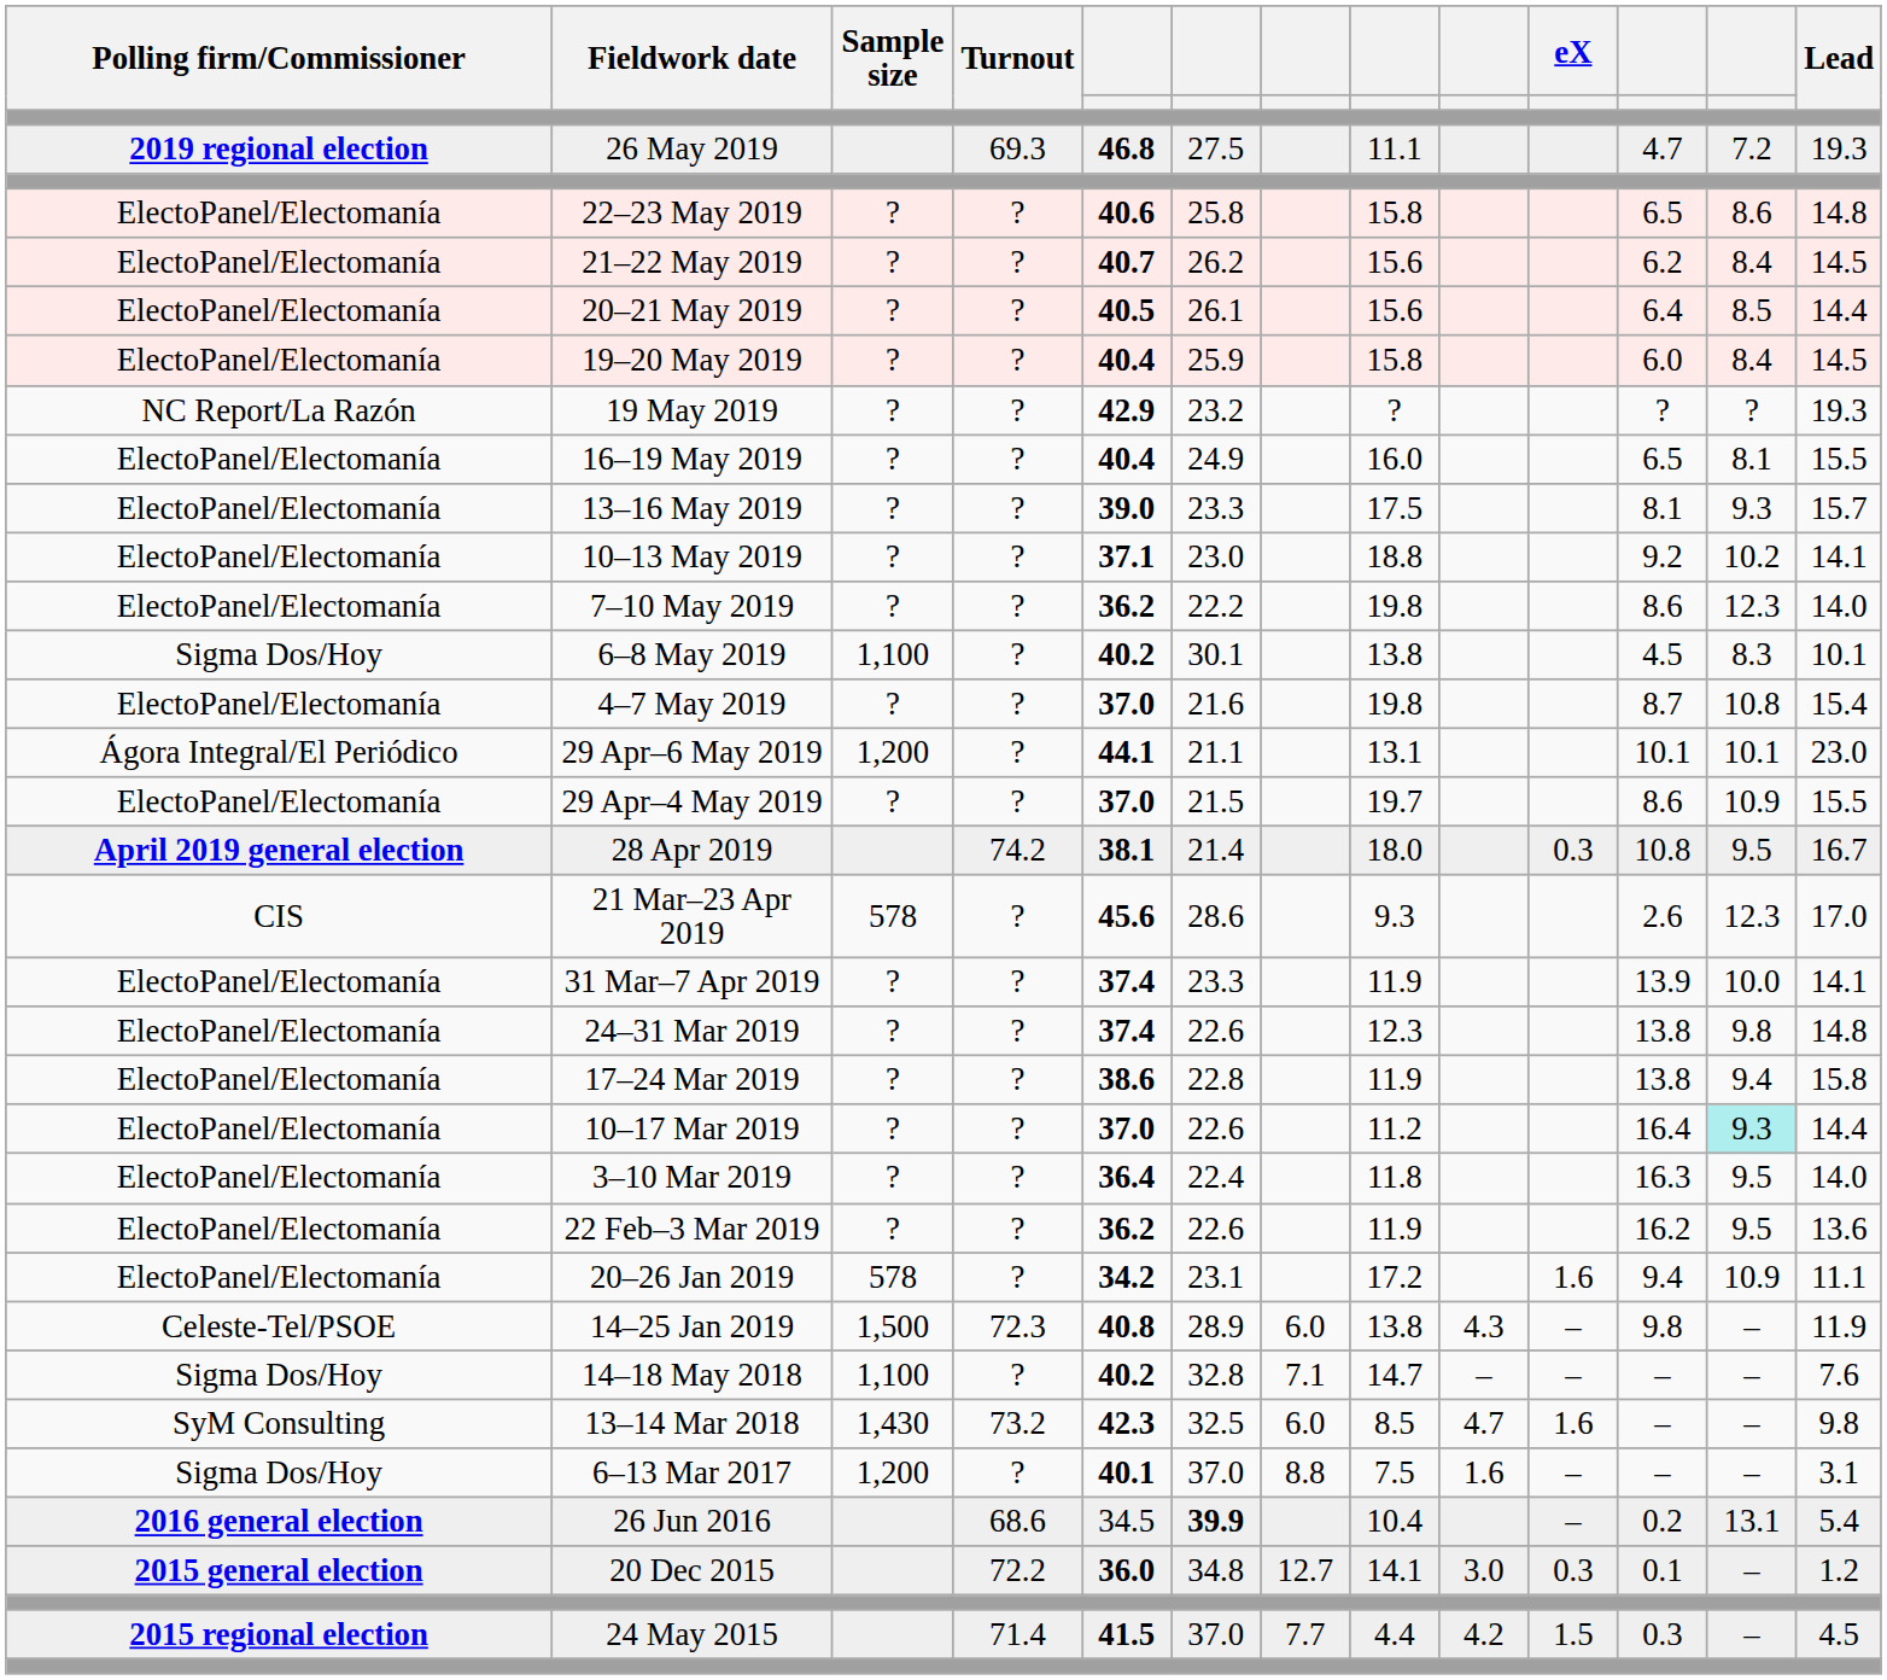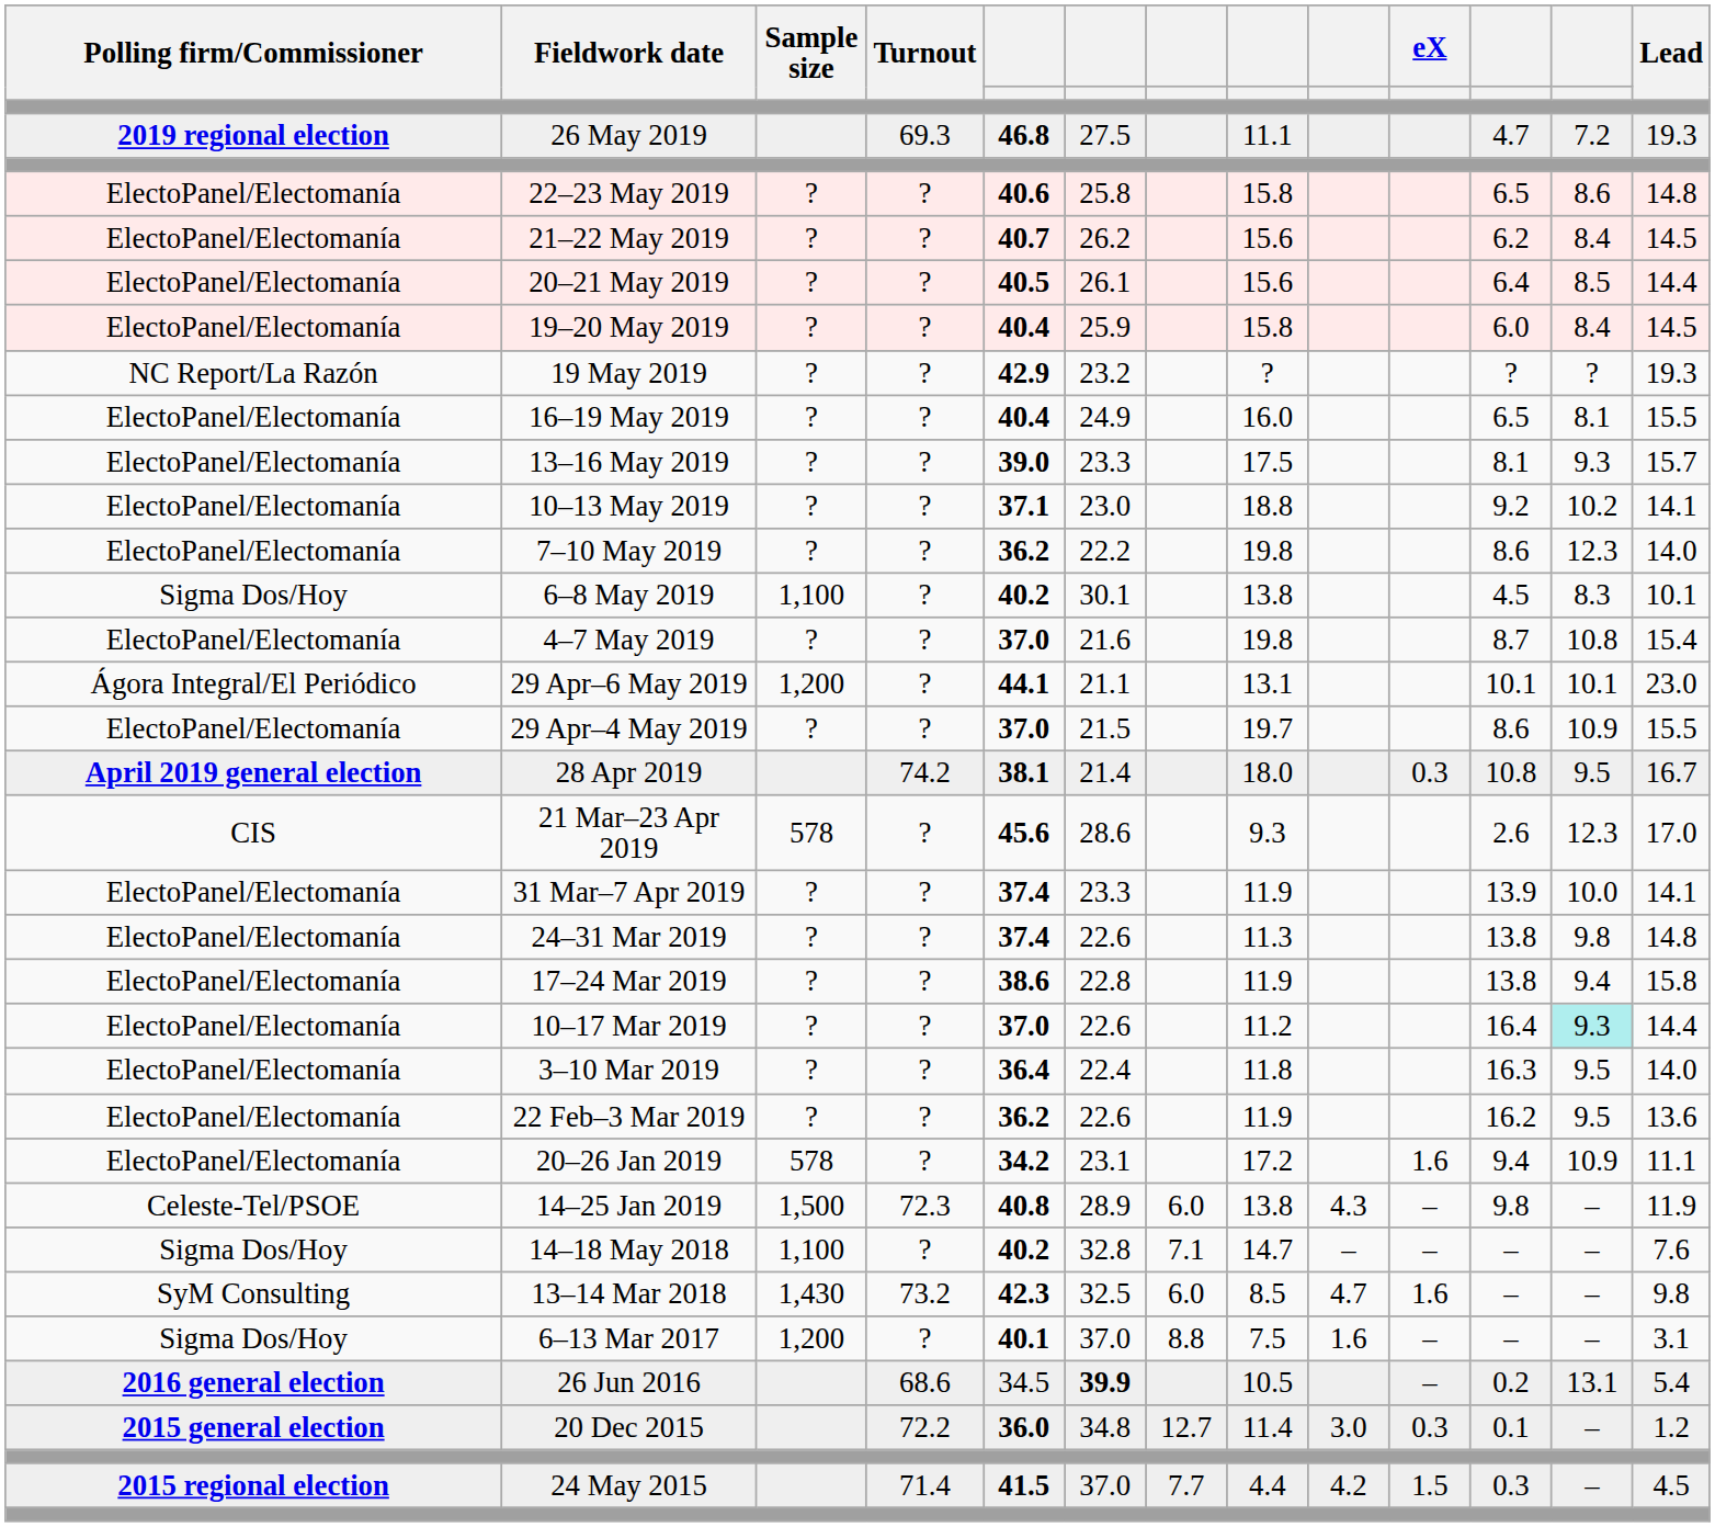 <table class="wikitable collapsible collapsed" style="text-align:center; font-size:95%; line-height:16px;">
 <tr style="height:42px;">
 <th style="width:250px;" rowspan="2">Polling firm/Commissioner</th>
 <th style="width:125px;" rowspan="2">Fieldwork date</th>
 <th style="width:50px;" rowspan="2">Sample size</th>
 <th style="width:45px;" rowspan="2">Turnout</th>
 <th style="width:35px;"></th>
 <th style="width:35px;"></th>
 <th style="width:35px;"></th>
 <th style="width:35px;"></th>
 <th style="width:35px;"></th>
 <th style="width:35px;"><a href='#'>eX</a></th>
 <th style="width:35px;"></th>
 <th style="width:35px;"></th>
 <th style="width:30px;" rowspan="2">Lead</th>
 </tr>
 <tr>
 <th style="color:inherit;background:"></th>
 <th style="color:inherit;background:"></th>
 <th style="color:inherit;background:"></th>
 <th style="color:inherit;background:"></th>
 <th style="color:inherit;background:"></th>
 <th style="color:inherit;background:"></th>
 <th style="color:inherit;background:"></th>
 <th style="color:inherit;background:"></th>
 </tr>
 <tr>
 <td colspan="13" style="background:#A0A0A0"></td>
 </tr>
 <tr style="background:#EFEFEF;">
 <td><strong><a href='#'>2019 regional election</a></strong></td>
 <td>26 May 2019</td>
 <td></td>
 <td>69.3</td>
 <td><strong>46.8</strong><br></td>
 <td>27.5<br></td>
 <td></td>
 <td>11.1<br></td>
 <td></td>
 <td></td>
 <td>4.7<br></td>
 <td>7.2<br></td>
 <td style="background:">19.3</td>
 </tr>
 <tr>
 <td colspan="13" style="background:#A0A0A0"></td>
 </tr>
 <tr style="background:#FFEAEA;">
 <td>ElectoPanel/Electomanía</td>
 <td>22–23 May 2019</td>
 <td>?</td>
 <td>?</td>
 <td><strong>40.6</strong><br></td>
 <td>25.8<br></td>
 <td></td>
 <td>15.8<br></td>
 <td></td>
 <td></td>
 <td>6.5<br></td>
 <td>8.6<br></td>
 <td style="background:">14.8</td>
 </tr>
 <tr style="background:#FFEAEA;">
 <td>ElectoPanel/Electomanía</td>
 <td>21–22 May 2019</td>
 <td>?</td>
 <td>?</td>
 <td><strong>40.7</strong><br></td>
 <td>26.2<br></td>
 <td></td>
 <td>15.6<br></td>
 <td></td>
 <td></td>
 <td>6.2<br></td>
 <td>8.4<br></td>
 <td style="background:">14.5</td>
 </tr>
 <tr style="background:#FFEAEA;">
 <td>ElectoPanel/Electomanía</td>
 <td>20–21 May 2019</td>
 <td>?</td>
 <td>?</td>
 <td><strong>40.5</strong><br></td>
 <td>26.1<br></td>
 <td></td>
 <td>15.6<br></td>
 <td></td>
 <td></td>
 <td>6.4<br></td>
 <td>8.5<br></td>
 <td style="background:">14.4</td>
 </tr>
 <tr style="background:#FFEAEA;">
 <td>ElectoPanel/Electomanía</td>
 <td>19–20 May 2019</td>
 <td>?</td>
 <td>?</td>
 <td><strong>40.4</strong><br></td>
 <td>25.9<br></td>
 <td></td>
 <td>15.8<br></td>
 <td></td>
 <td></td>
 <td>6.0<br></td>
 <td>8.4<br></td>
 <td style="background:">14.5</td>
 </tr>
 <tr>
 <td>NC Report/La Razón</td>
 <td>19 May 2019</td>
 <td>?</td>
 <td>?</td>
 <td><strong>42.9</strong><br></td>
 <td>23.2<br></td>
 <td></td>
 <td>?<br></td>
 <td></td>
 <td></td>
 <td>?<br></td>
 <td>?<br></td>
 <td style="background:">19.3</td>
 </tr>
 <tr>
 <td>ElectoPanel/Electomanía</td>
 <td>16–19 May 2019</td>
 <td>?</td>
 <td>?</td>
 <td><strong>40.4</strong><br></td>
 <td>24.9<br></td>
 <td></td>
 <td>16.0<br></td>
 <td></td>
 <td></td>
 <td>6.5<br></td>
 <td>8.1<br></td>
 <td style="background:">15.5</td>
 </tr>
 <tr>
 <td>ElectoPanel/Electomanía</td>
 <td>13–16 May 2019</td>
 <td>?</td>
 <td>?</td>
 <td><strong>39.0</strong><br></td>
 <td>23.3<br></td>
 <td></td>
 <td>17.5<br></td>
 <td></td>
 <td></td>
 <td>8.1<br></td>
 <td>9.3<br></td>
 <td style="background:">15.7</td>
 </tr>
 <tr>
 <td>ElectoPanel/Electomanía</td>
 <td>10–13 May 2019</td>
 <td>?</td>
 <td>?</td>
 <td><strong>37.1</strong><br></td>
 <td>23.0<br></td>
 <td></td>
 <td>18.8<br></td>
 <td></td>
 <td></td>
 <td>9.2<br></td>
 <td>10.2<br></td>
 <td style="background:">14.1</td>
 </tr>
 <tr>
 <td>ElectoPanel/Electomanía</td>
 <td>7–10 May 2019</td>
 <td>?</td>
 <td>?</td>
 <td><strong>36.2</strong><br></td>
 <td>22.2<br></td>
 <td></td>
 <td>19.8<br></td>
 <td></td>
 <td></td>
 <td>8.6<br></td>
 <td>12.3<br></td>
 <td style="background:">14.0</td>
 </tr>
 <tr>
 <td>Sigma Dos/Hoy</td>
 <td>6–8 May 2019</td>
 <td>1,100</td>
 <td>?</td>
 <td><strong>40.2</strong><br></td>
 <td>30.1<br></td>
 <td></td>
 <td>13.8<br></td>
 <td></td>
 <td></td>
 <td>4.5<br></td>
 <td>8.3<br></td>
 <td style="background:">10.1</td>
 </tr>
 <tr>
 <td>ElectoPanel/Electomanía</td>
 <td>4–7 May 2019</td>
 <td>?</td>
 <td>?</td>
 <td><strong>37.0</strong><br></td>
 <td>21.6<br></td>
 <td></td>
 <td>19.8<br></td>
 <td></td>
 <td></td>
 <td>8.7<br></td>
 <td>10.8<br></td>
 <td style="background:">15.4</td>
 </tr>
 <tr>
 <td>Ágora Integral/El Periódico</td>
 <td>29 Apr–6 May 2019</td>
 <td>1,200</td>
 <td>?</td>
 <td><strong>44.1</strong><br></td>
 <td>21.1<br></td>
 <td></td>
 <td>13.1<br></td>
 <td></td>
 <td></td>
 <td>10.1<br></td>
 <td>10.1<br></td>
 <td style="background:">23.0</td>
 </tr>
 <tr>
 <td>ElectoPanel/Electomanía</td>
 <td>29 Apr–4 May 2019</td>
 <td>?</td>
 <td>?</td>
 <td><strong>37.0</strong><br></td>
 <td>21.5<br></td>
 <td></td>
 <td>19.7<br></td>
 <td></td>
 <td></td>
 <td>8.6<br></td>
 <td>10.9<br></td>
 <td style="background:">15.5</td>
 </tr>
 <tr style="background:#EFEFEF;">
 <td><strong><a href='#'>April 2019 general election</a></strong></td>
 <td>28 Apr 2019</td>
 <td></td>
 <td>74.2</td>
 <td><strong>38.1</strong><br></td>
 <td>21.4<br></td>
 <td></td>
 <td>18.0<br></td>
 <td></td>
 <td>0.3<br></td>
 <td>10.8<br></td>
 <td>9.5<br></td>
 <td style="background:">16.7</td>
 </tr>
 <tr>
 <td>CIS</td>
 <td>21 Mar–23 Apr 2019</td>
 <td>578</td>
 <td>?</td>
 <td><strong>45.6</strong><br></td>
 <td>28.6<br></td>
 <td></td>
 <td>9.3<br></td>
 <td></td>
 <td></td>
 <td>2.6<br></td>
 <td>12.3<br></td>
 <td style="background:">17.0</td>
 </tr>
 <tr>
 <td>ElectoPanel/Electomanía</td>
 <td>31 Mar–7 Apr 2019</td>
 <td>?</td>
 <td>?</td>
 <td><strong>37.4</strong><br></td>
 <td>23.3<br></td>
 <td></td>
 <td>11.9<br></td>
 <td></td>
 <td></td>
 <td>13.9<br></td>
 <td>10.0<br></td>
 <td style="background:">14.1</td>
 </tr>
 <tr>
 <td>ElectoPanel/Electomanía</td>
 <td>24–31 Mar 2019</td>
 <td>?</td>
 <td>?</td>
 <td><strong>37.4</strong><br></td>
 <td>22.6<br></td>
 <td></td>
-<td>12.3<br></td>
+<td>11.3<br></td>
 <td></td>
 <td></td>
 <td>13.8<br></td>
 <td>9.8<br></td>
 <td style="background:">14.8</td>
 </tr>
 <tr>
 <td>ElectoPanel/Electomanía</td>
 <td>17–24 Mar 2019</td>
 <td>?</td>
 <td>?</td>
 <td><strong>38.6</strong><br></td>
 <td>22.8<br></td>
 <td></td>
 <td>11.9<br></td>
 <td></td>
 <td></td>
 <td>13.8<br></td>
 <td>9.4<br></td>
 <td style="background:">15.8</td>
 </tr>
 <tr>
 <td>ElectoPanel/Electomanía</td>
 <td>10–17 Mar 2019</td>
 <td>?</td>
 <td>?</td>
 <td><strong>37.0</strong><br></td>
 <td>22.6<br></td>
 <td></td>
 <td>11.2<br></td>
 <td></td>
 <td></td>
 <td>16.4<br></td>
 <td style="background: paleturquoise;">9.3<br></td>
 <td style="background:">14.4</td>
 </tr>
 <tr>
 <td>ElectoPanel/Electomanía</td>
 <td>3–10 Mar 2019</td>
 <td>?</td>
 <td>?</td>
 <td><strong>36.4</strong><br></td>
 <td>22.4<br></td>
 <td></td>
 <td>11.8<br></td>
 <td></td>
 <td></td>
 <td>16.3<br></td>
 <td>9.5<br></td>
 <td style="background:">14.0</td>
 </tr>
 <tr>
 <td>ElectoPanel/Electomanía</td>
 <td>22 Feb–3 Mar 2019</td>
 <td>?</td>
 <td>?</td>
 <td><strong>36.2</strong><br></td>
 <td>22.6<br></td>
 <td></td>
 <td>11.9<br></td>
 <td></td>
 <td></td>
 <td>16.2<br></td>
 <td>9.5<br></td>
 <td style="background:">13.6</td>
 </tr>
 <tr>
 <td>ElectoPanel/Electomanía</td>
 <td>20–26 Jan 2019</td>
 <td>578</td>
 <td>?</td>
 <td><strong>34.2</strong><br></td>
 <td>23.1<br></td>
 <td></td>
 <td>17.2<br></td>
 <td></td>
 <td>1.6<br></td>
 <td>9.4<br></td>
 <td>10.9<br></td>
 <td style="background:">11.1</td>
 </tr>
 <tr>
 <td>Celeste-Tel/PSOE</td>
 <td>14–25 Jan 2019</td>
 <td>1,500</td>
 <td>72.3</td>
 <td><strong>40.8</strong><br></td>
 <td>28.9<br></td>
 <td>6.0<br></td>
 <td>13.8<br></td>
 <td>4.3<br></td>
 <td>–</td>
 <td>9.8<br></td>
 <td>–</td>
 <td style="background:">11.9</td>
 </tr>
 <tr>
 <td>Sigma Dos/Hoy</td>
 <td>14–18 May 2018</td>
 <td>1,100</td>
 <td>?</td>
 <td><strong>40.2</strong><br></td>
 <td>32.8<br></td>
 <td>7.1<br></td>
 <td>14.7<br></td>
 <td>–</td>
 <td>–</td>
 <td>–</td>
 <td>–</td>
 <td style="background:">7.6</td>
 </tr>
 <tr>
 <td>SyM Consulting</td>
 <td>13–14 Mar 2018</td>
 <td>1,430</td>
 <td>73.2</td>
 <td><strong>42.3</strong><br></td>
 <td>32.5<br></td>
 <td>6.0<br></td>
 <td>8.5<br></td>
 <td>4.7<br></td>
 <td>1.6<br></td>
 <td>–</td>
 <td>–</td>
 <td style="background:">9.8</td>
 </tr>
 <tr>
 <td>Sigma Dos/Hoy</td>
 <td>6–13 Mar 2017</td>
 <td>1,200</td>
 <td>?</td>
 <td><strong>40.1</strong><br></td>
 <td>37.0<br></td>
 <td>8.8<br></td>
 <td>7.5<br></td>
 <td>1.6<br></td>
 <td>–</td>
 <td>–</td>
 <td>–</td>
 <td style="background:">3.1</td>
 </tr>
 <tr style="background:#EFEFEF;">
 <td><strong><a href='#'>2016 general election</a></strong></td>
 <td>26 Jun 2016</td>
 <td></td>
 <td>68.6</td>
 <td>34.5<br></td>
 <td><strong>39.9</strong><br></td>
 <td></td>
-<td>10.4<br></td>
+<td>10.5<br></td>
 <td></td>
 <td>–</td>
 <td>0.2<br></td>
 <td>13.1<br></td>
 <td style="background:">5.4</td>
 </tr>
 <tr style="background:#EFEFEF;">
 <td><strong><a href='#'>2015 general election</a></strong></td>
 <td>20 Dec 2015</td>
 <td></td>
 <td>72.2</td>
 <td><strong>36.0</strong><br></td>
 <td>34.8<br></td>
 <td>12.7<br></td>
-<td>14.1<br></td>
+<td>11.4<br></td>
 <td>3.0<br></td>
 <td>0.3<br></td>
 <td>0.1<br></td>
 <td>–</td>
 <td style="background:">1.2</td>
 </tr>
 <tr>
 <td colspan="13" style="background:#A0A0A0"></td>
 </tr>
 <tr style="background:#EFEFEF;">
 <td><strong><a href='#'>2015 regional election</a></strong></td>
 <td>24 May 2015</td>
 <td></td>
 <td>71.4</td>
 <td><strong>41.5</strong><br></td>
 <td>37.0<br></td>
 <td>7.7<br></td>
 <td>4.4<br></td>
 <td>4.2<br></td>
 <td>1.5<br></td>
 <td>0.3<br></td>
 <td>–</td>
 <td style="background:">4.5</td>
 </tr>
 <tr>
 <td colspan="13" style="background:#A0A0A0"></td>
 </tr>
 </table>
